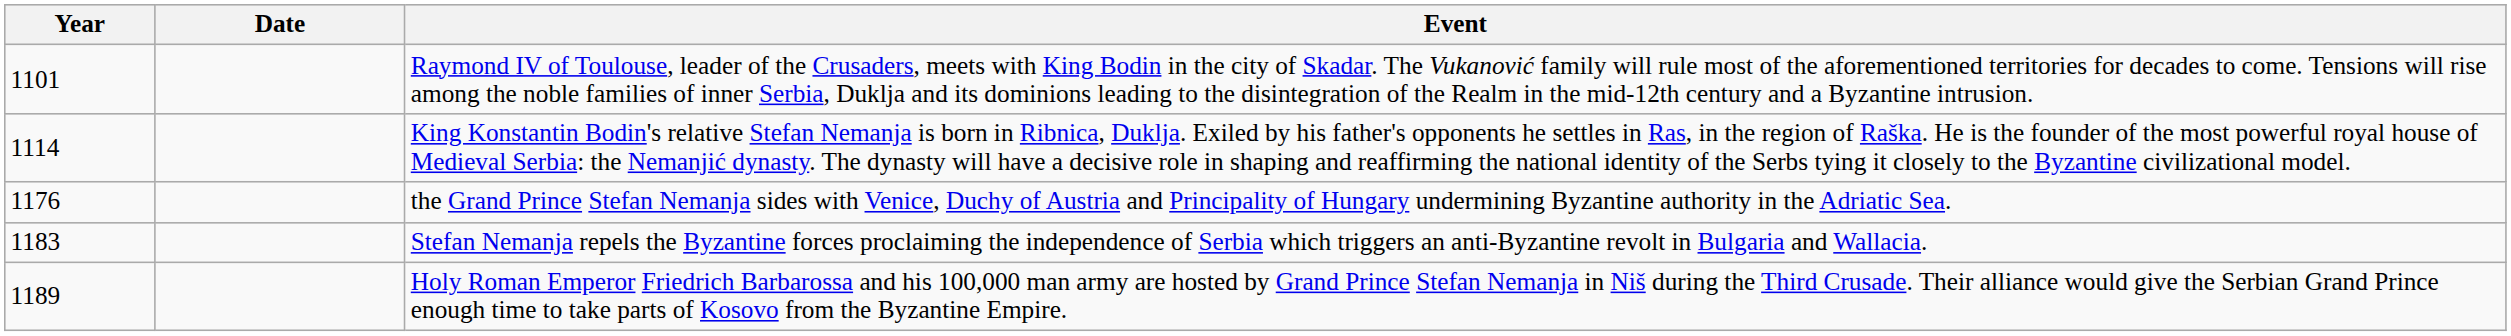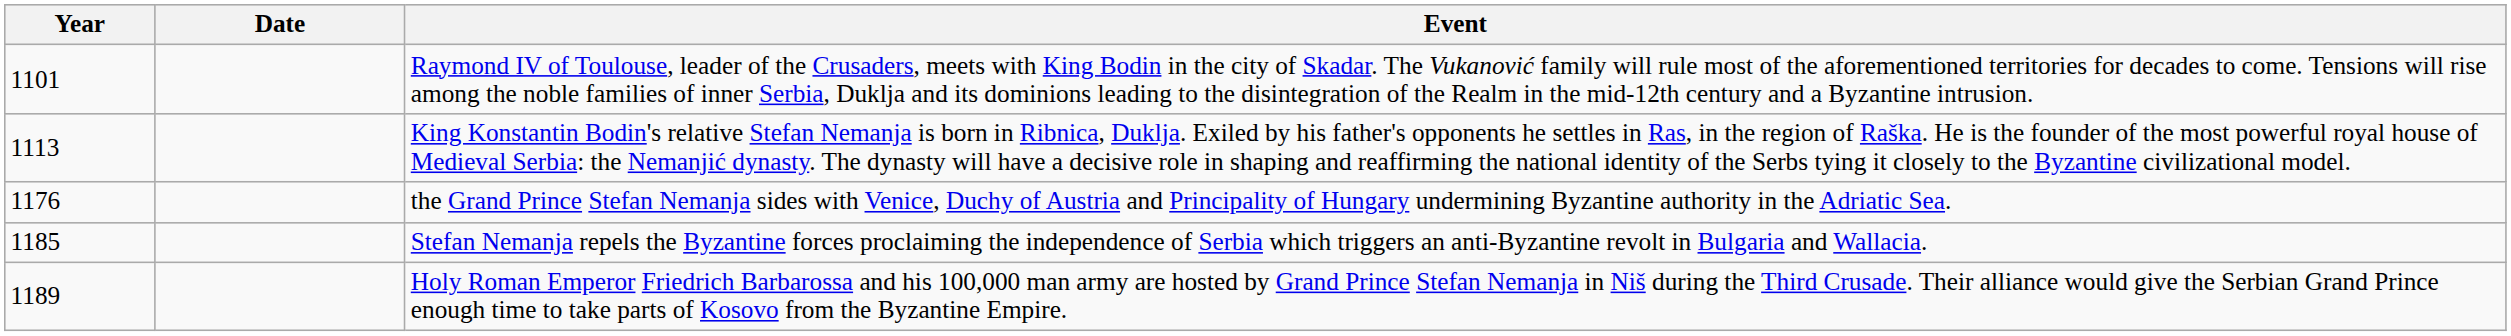 <table class="wikitable" width="100%">
 <tr>
 <th style="width:6%">Year</th>
 <th style="width:10%">Date</th>
 <th>Event</th>
 </tr>
 <tr>
 <td>1101</td>
 <td></td>
 <td><a href='#'>Raymond IV of Toulouse</a>, leader of the <a href='#'>Crusaders</a>, meets with <a href='#'>King Bodin</a> in the city of <a href='#'>Skadar</a>. The <em>Vukanović</em> family will rule most of the aforementioned territories for decades to come. Tensions will rise among the noble families of inner <a href='#'>Serbia</a>, Duklja and its dominions leading to the disintegration of the Realm in the mid-12th century and a Byzantine intrusion.</td>
 </tr>
 <tr>
-<td>1114</td>
+<td>1113</td>
 <td></td>
 <td><a href='#'>King Konstantin Bodin</a>'s relative <a href='#'>Stefan Nemanja</a> is born in <a href='#'>Ribnica</a>, <a href='#'>Duklja</a>. Exiled by his father's opponents he settles in <a href='#'>Ras</a>, in the region of <a href='#'>Raška</a>. He is the founder of the most powerful royal house of <a href='#'>Medieval Serbia</a>: the <a href='#'>Nemanjić dynasty</a>. The dynasty will have a decisive role in shaping and reaffirming the national identity of the Serbs tying it closely to the <a href='#'>Byzantine</a> civilizational model.</td>
 </tr>
 <tr>
 <td>1176</td>
 <td></td>
 <td>the <a href='#'>Grand Prince</a> <a href='#'>Stefan Nemanja</a> sides with <a href='#'>Venice</a>, <a href='#'>Duchy of Austria</a> and <a href='#'>Principality of Hungary</a> undermining Byzantine authority in the <a href='#'>Adriatic Sea</a>.</td>
 </tr>
 <tr>
-<td>1183</td>
+<td>1185</td>
 <td></td>
 <td><a href='#'>Stefan Nemanja</a> repels the <a href='#'>Byzantine</a> forces proclaiming the independence of <a href='#'>Serbia</a> which triggers an anti-Byzantine revolt in <a href='#'>Bulgaria</a> and <a href='#'>Wallacia</a>.</td>
 </tr>
 <tr>
 <td>1189</td>
 <td></td>
 <td><a href='#'>Holy Roman Emperor</a> <a href='#'>Friedrich Barbarossa</a> and his 100,000 man army are hosted by <a href='#'>Grand Prince</a> <a href='#'>Stefan Nemanja</a> in <a href='#'>Niš</a> during the <a href='#'>Third Crusade</a>. Their alliance would give the Serbian Grand Prince enough time to take parts of <a href='#'>Kosovo</a> from the Byzantine Empire.</td>
 </tr>
 </table>
